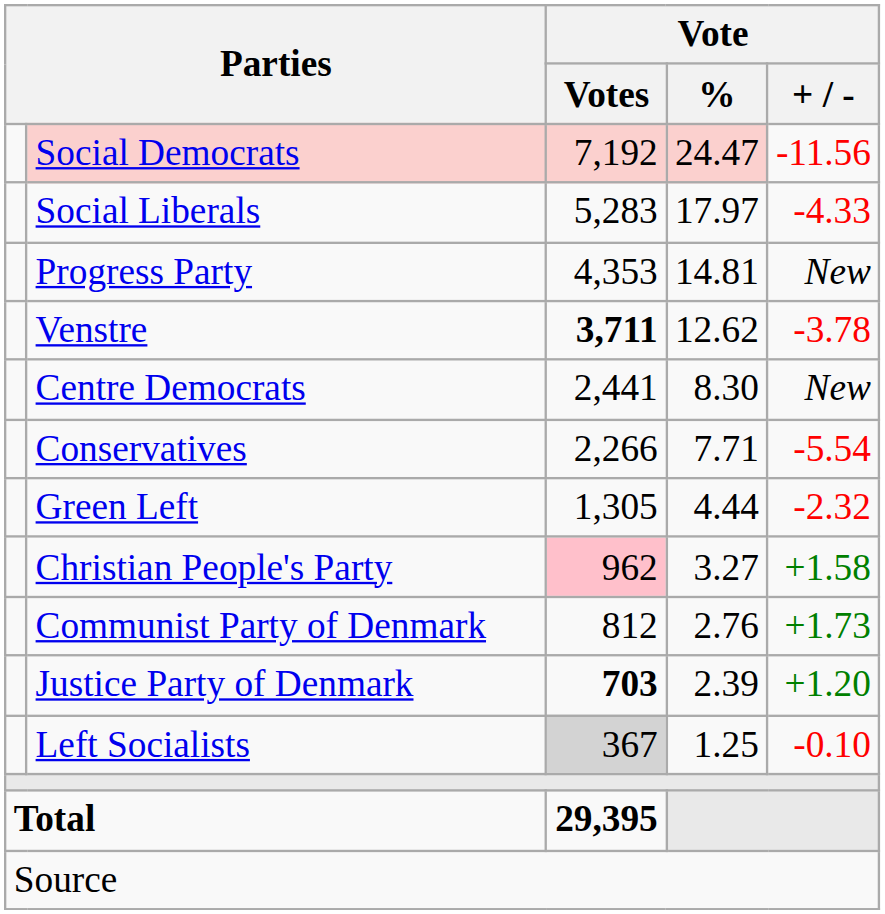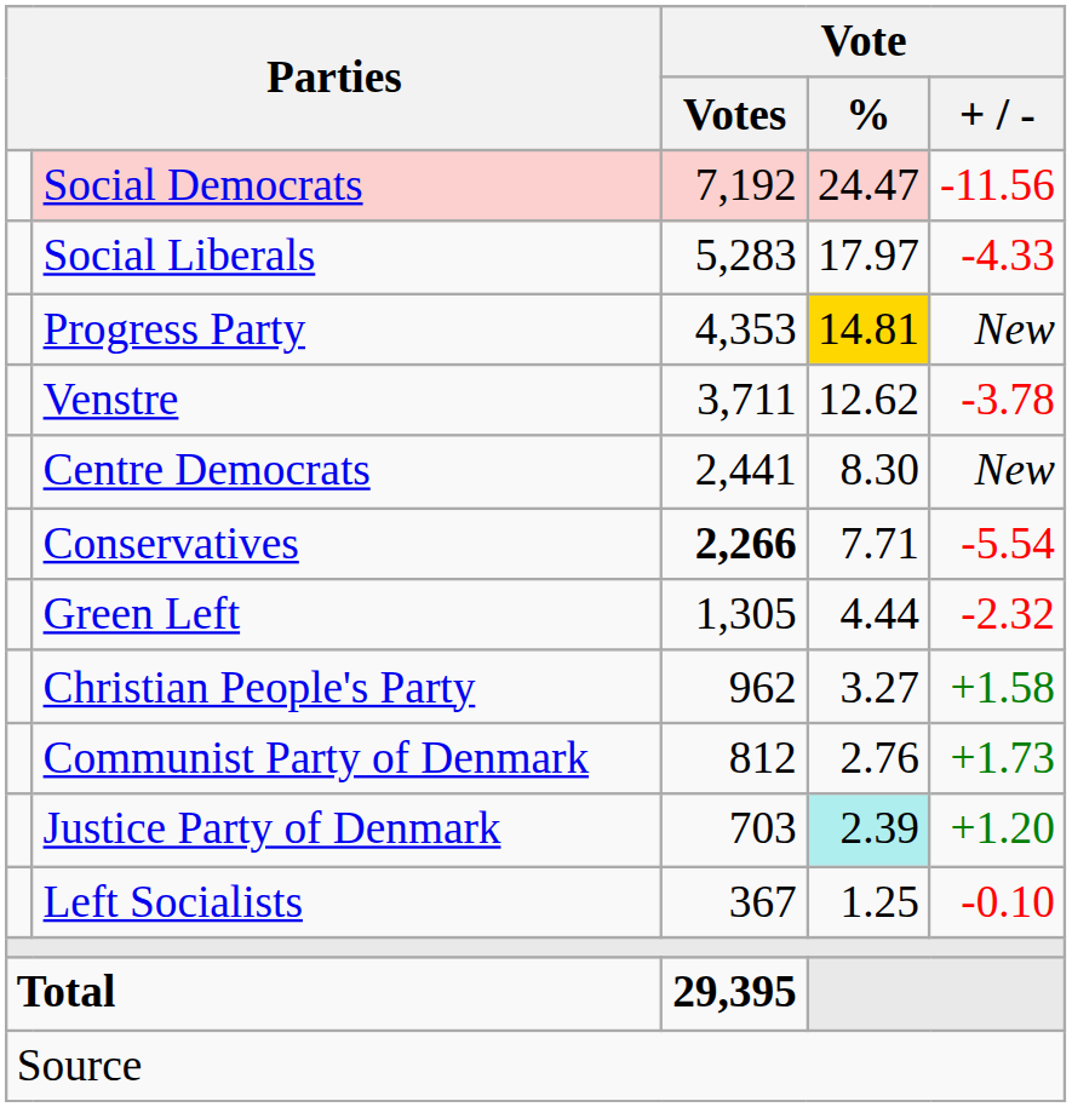 <table class="wikitable" style="text-align:right;">
 <tr>
 <th style="text-align:centre;" rowspan="2" colspan="2" width="225">Parties</th>
 <th colspan="3">Vote</th>
 </tr>
 <tr>
 <th width="15">Votes</th>
 <th width="15">%</th>
 <th width="15">+ / -</th>
 </tr>
 <tr>
 <td width="2" style="color:inherit;background:"></td>
 <td bgcolor=#fbd0ce  align="left"><a href='#'>Social Democrats</a></td>
 <td bgcolor=#fbd0ce>7,192</td>
 <td bgcolor=#fbd0ce>24.47</td>
 <td style=color:red;>-11.56</td>
 </tr>
 <tr>
 <td width="2" style="color:inherit;background:"></td>
 <td align="left"><a href='#'>Social Liberals</a></td>
 <td>5,283</td>
 <td>17.97</td>
 <td style=color:red;>-4.33</td>
 </tr>
 <tr>
 <td width="2" style="color:inherit;background:"></td>
 <td align="left"><a href='#'>Progress Party</a></td>
 <td>4,353</td>
-<td>14.81</td>
+<td style="background: gold;">14.81</td>
 <td><em>New</em></td>
 </tr>
 <tr>
 <td width="2" style="color:inherit;background:"></td>
 <td align="left"><a href='#'>Venstre</a></td>
-<td><strong>3,711</strong></td>
+<td>3,711</td>
 <td>12.62</td>
 <td style=color:red;>-3.78</td>
 </tr>
 <tr>
 <td width="2" style="color:inherit;background:"></td>
 <td align="left"><a href='#'>Centre Democrats</a></td>
 <td>2,441</td>
 <td>8.30</td>
 <td><em>New</em></td>
 </tr>
 <tr>
 <td width="2" style="color:inherit;background:"></td>
 <td align="left"><a href='#'>Conservatives</a></td>
-<td>2,266</td>
+<td><strong>2,266</strong></td>
 <td>7.71</td>
 <td style=color:red;>-5.54</td>
 </tr>
 <tr>
 <td width="2" style="color:inherit;background:"></td>
 <td align="left"><a href='#'>Green Left</a></td>
 <td>1,305</td>
 <td>4.44</td>
 <td style=color:red;>-2.32</td>
 </tr>
 <tr>
 <td width="2" style="color:inherit;background:"></td>
 <td align="left"><a href='#'>Christian People's Party</a></td>
-<td style="background: pink;">962</td>
+<td>962</td>
 <td>3.27</td>
 <td style=color:green;>+1.58</td>
 </tr>
 <tr>
 <td width="2" style="color:inherit;background:"></td>
 <td align="left"><a href='#'>Communist Party of Denmark</a></td>
 <td>812</td>
 <td>2.76</td>
 <td style=color:green;>+1.73</td>
 </tr>
 <tr>
 <td width="2" style="color:inherit;background:"></td>
 <td align="left"><a href='#'>Justice Party of Denmark</a></td>
-<td><strong>703</strong></td>
-<td>2.39</td>
+<td>703</td>
+<td style="background: paleturquoise;">2.39</td>
 <td style=color:green;>+1.20</td>
 </tr>
 <tr>
 <td width="2" style="color:inherit;background:"></td>
 <td align="left"><a href='#'>Left Socialists</a></td>
-<td style="background: lightgrey;">367</td>
+<td>367</td>
 <td>1.25</td>
 <td style=color:red;>-0.10</td>
 </tr>
 <tr>
 <td colspan="7" bgcolor="#E9E9E9"></td>
 </tr>
 <tr>
 <td align="left" colspan="2"><strong>Total</strong></td>
 <td><strong>29,395</strong></td>
 <td bgcolor="#E9E9E9" colspan="2"></td>
 </tr>
 <tr>
 <td align="left" colspan="6">Source</td>
 </tr>
 </table>
